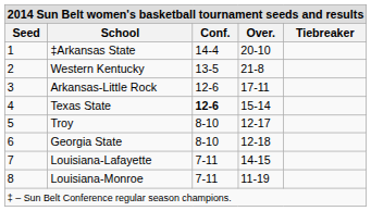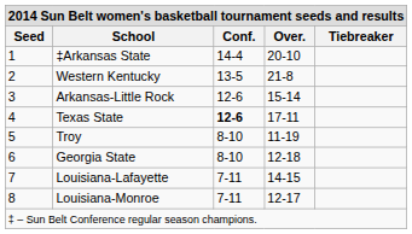 <table class="wikitable" style="white-space:nowrap; font-size:90%;">
 <tr>
 <td colspan="10" style="text-align:center; background:#DDDDDD; font:#000000"><strong>2014 Sun Belt women's basketball tournament seeds and results</strong></td>
 </tr>
 <tr bgcolor="#efefef">
 <th>Seed</th>
 <th>School</th>
 <th>Conf.</th>
 <th>Over.</th>
 <th>Tiebreaker</th>
 </tr>
 <tr>
 <td>1</td>
 <td>‡Arkansas State</td>
 <td>14-4</td>
 <td>20-10</td>
 <td></td>
 </tr>
 <tr>
 <td>2</td>
 <td>Western Kentucky</td>
 <td>13-5</td>
 <td>21-8</td>
 <td></td>
 </tr>
 <tr>
 <td>3</td>
 <td>Arkansas-Little Rock</td>
 <td>12-6</td>
-<td>17-11</td>
+<td>15-14</td>
 <td></td>
 </tr>
 <tr>
 <td>4</td>
 <td>Texas State</td>
 <td><strong>12-6</strong></td>
-<td>15-14</td>
+<td>17-11</td>
 <td></td>
 </tr>
 <tr>
 <td>5</td>
 <td>Troy</td>
 <td>8-10</td>
-<td>12-17</td>
+<td>11-19</td>
 <td></td>
 </tr>
 <tr>
 <td>6</td>
 <td>Georgia State</td>
 <td>8-10</td>
 <td>12-18</td>
 <td></td>
 </tr>
 <tr>
 <td>7</td>
 <td>Louisiana-Lafayette</td>
 <td>7-11</td>
 <td>14-15</td>
 <td></td>
 </tr>
 <tr>
 <td>8</td>
 <td>Louisiana-Monroe</td>
 <td>7-11</td>
-<td>11-19</td>
+<td>12-17</td>
 <td></td>
 </tr>
 <tr>
 <td colspan="6" style="text-align:left;"><small>‡ – Sun Belt Conference regular season champions.</small></td>
 </tr>
 </table>
